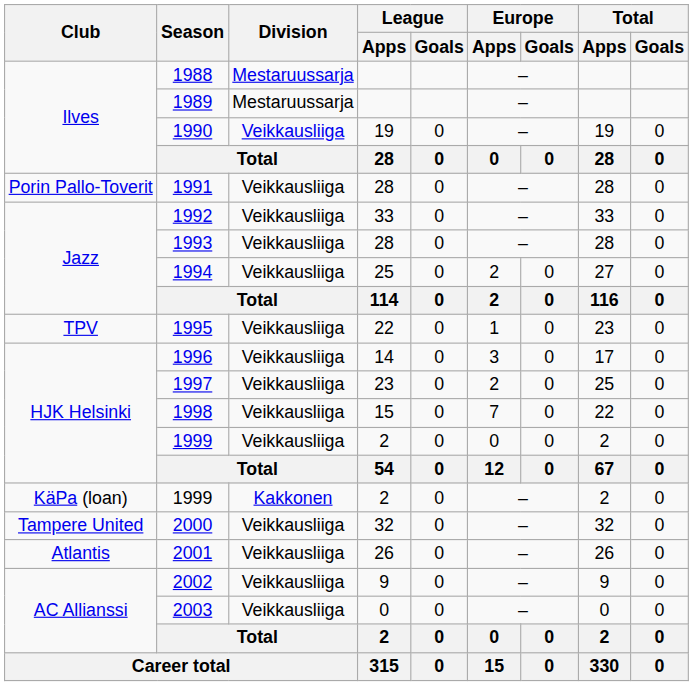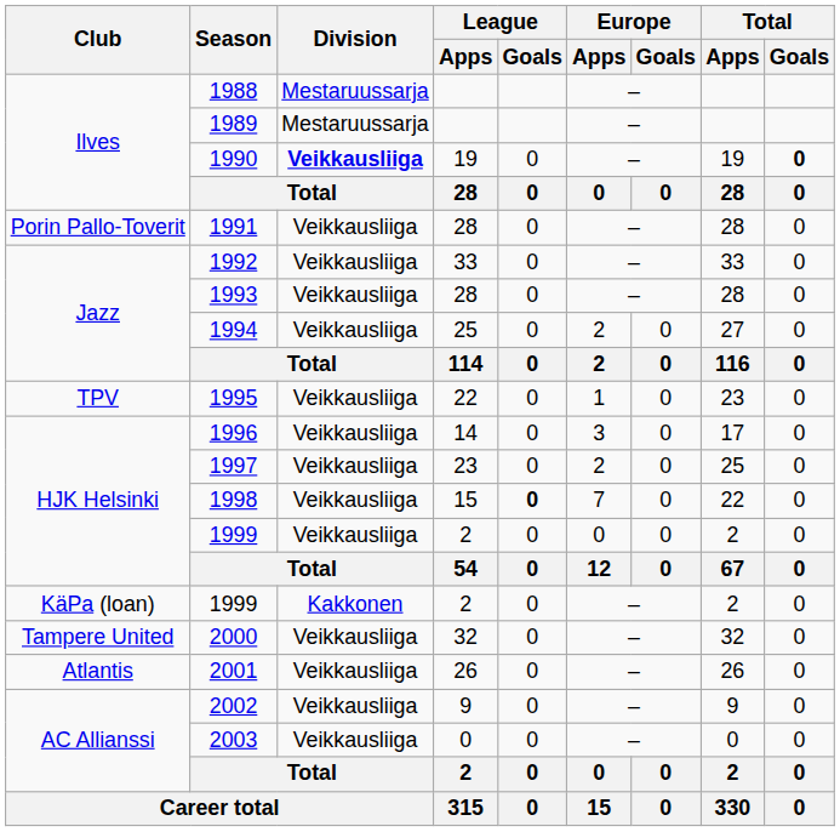 <table class="wikitable" style="text-align:center">
 <tr>
 <th rowspan="2">Club</th>
 <th rowspan="2">Season</th>
 <th rowspan="2">Division</th>
 <th colspan="2">League</th>
 <th colspan="2">Europe</th>
 <th colspan="2">Total</th>
 </tr>
 <tr>
 <th>Apps</th>
 <th>Goals</th>
 <th>Apps</th>
 <th>Goals</th>
 <th>Apps</th>
 <th>Goals</th>
 </tr>
 <tr>
 <td rowspan=4><a href='#'>Ilves</a></td>
 <td><a href='#'>1988</a></td>
 <td><a href='#'>Mestaruussarja</a></td>
 <td></td>
 <td></td>
 <td colspan=2>–</td>
 <td></td>
 <td></td>
 </tr>
 <tr>
 <td><a href='#'>1989</a></td>
 <td>Mestaruussarja</td>
 <td></td>
 <td></td>
 <td colspan=2>–</td>
 <td></td>
 <td></td>
 </tr>
 <tr>
 <td><a href='#'>1990</a></td>
-<td><a href='#'>Veikkausliiga</a></td>
+<td><strong><a href='#'>Veikkausliiga</a></strong></td>
 <td>19</td>
 <td>0</td>
 <td colspan=2>–</td>
 <td>19</td>
-<td>0</td>
+<td><strong>0</strong></td>
 </tr>
 <tr>
 <th colspan=2>Total</th>
 <th>28</th>
 <th>0</th>
 <th>0</th>
 <th>0</th>
 <th>28</th>
 <th>0</th>
 </tr>
 <tr>
 <td><a href='#'>Porin Pallo-Toverit</a></td>
 <td><a href='#'>1991</a></td>
 <td>Veikkausliiga</td>
 <td>28</td>
 <td>0</td>
 <td colspan=2>–</td>
 <td>28</td>
 <td>0</td>
 </tr>
 <tr>
 <td rowspan=4><a href='#'>Jazz</a></td>
 <td><a href='#'>1992</a></td>
 <td>Veikkausliiga</td>
 <td>33</td>
 <td>0</td>
 <td colspan=2>–</td>
 <td>33</td>
 <td>0</td>
 </tr>
 <tr>
 <td><a href='#'>1993</a></td>
 <td>Veikkausliiga</td>
 <td>28</td>
 <td>0</td>
 <td colspan=2>–</td>
 <td>28</td>
 <td>0</td>
 </tr>
 <tr>
 <td><a href='#'>1994</a></td>
 <td>Veikkausliiga</td>
 <td>25</td>
 <td>0</td>
 <td>2</td>
 <td>0</td>
 <td>27</td>
 <td>0</td>
 </tr>
 <tr>
 <th colspan=2>Total</th>
 <th>114</th>
 <th>0</th>
 <th>2</th>
 <th>0</th>
 <th>116</th>
 <th>0</th>
 </tr>
 <tr>
 <td><a href='#'>TPV</a></td>
 <td><a href='#'>1995</a></td>
 <td>Veikkausliiga</td>
 <td>22</td>
 <td>0</td>
 <td>1</td>
 <td>0</td>
 <td>23</td>
 <td>0</td>
 </tr>
 <tr>
 <td rowspan=5><a href='#'>HJK Helsinki</a></td>
 <td><a href='#'>1996</a></td>
 <td>Veikkausliiga</td>
 <td>14</td>
 <td>0</td>
 <td>3</td>
 <td>0</td>
 <td>17</td>
 <td>0</td>
 </tr>
 <tr>
 <td><a href='#'>1997</a></td>
 <td>Veikkausliiga</td>
 <td>23</td>
 <td>0</td>
 <td>2</td>
 <td>0</td>
 <td>25</td>
 <td>0</td>
 </tr>
 <tr>
 <td><a href='#'>1998</a></td>
 <td>Veikkausliiga</td>
 <td>15</td>
-<td>0</td>
+<td><strong>0</strong></td>
 <td>7</td>
 <td>0</td>
 <td>22</td>
 <td>0</td>
 </tr>
 <tr>
 <td><a href='#'>1999</a></td>
 <td>Veikkausliiga</td>
 <td>2</td>
 <td>0</td>
 <td>0</td>
 <td>0</td>
 <td>2</td>
 <td>0</td>
 </tr>
 <tr>
 <th colspan=2>Total</th>
 <th>54</th>
 <th>0</th>
 <th>12</th>
 <th>0</th>
 <th>67</th>
 <th>0</th>
 </tr>
 <tr>
 <td><a href='#'>KäPa</a> (loan)</td>
 <td>1999</td>
 <td><a href='#'>Kakkonen</a></td>
 <td>2</td>
 <td>0</td>
 <td colspan=2>–</td>
 <td>2</td>
 <td>0</td>
 </tr>
 <tr>
 <td><a href='#'>Tampere United</a></td>
 <td><a href='#'>2000</a></td>
 <td>Veikkausliiga</td>
 <td>32</td>
 <td>0</td>
 <td colspan=2>–</td>
 <td>32</td>
 <td>0</td>
 </tr>
 <tr>
 <td><a href='#'>Atlantis</a></td>
 <td><a href='#'>2001</a></td>
 <td>Veikkausliiga</td>
 <td>26</td>
 <td>0</td>
 <td colspan=2>–</td>
 <td>26</td>
 <td>0</td>
 </tr>
 <tr>
 <td rowspan=3><a href='#'>AC Allianssi</a></td>
 <td><a href='#'>2002</a></td>
 <td>Veikkausliiga</td>
 <td>9</td>
 <td>0</td>
 <td colspan=2>–</td>
 <td>9</td>
 <td>0</td>
 </tr>
 <tr>
 <td><a href='#'>2003</a></td>
 <td>Veikkausliiga</td>
 <td>0</td>
 <td>0</td>
 <td colspan=2>–</td>
 <td>0</td>
 <td>0</td>
 </tr>
 <tr>
 <th colspan=2>Total</th>
 <th>2</th>
 <th>0</th>
 <th>0</th>
 <th>0</th>
 <th>2</th>
 <th>0</th>
 </tr>
 <tr>
 <th colspan="3">Career total</th>
 <th>315</th>
 <th>0</th>
 <th>15</th>
 <th>0</th>
 <th>330</th>
 <th>0</th>
 </tr>
 </table>
